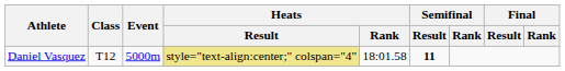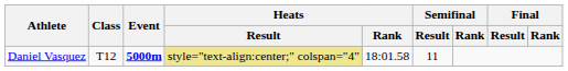 <table class=wikitable style="font-size:90%">
 <tr>
 <th rowspan="2">Athlete</th>
 <th rowspan="2">Class</th>
 <th rowspan="2">Event</th>
 <th colspan="2">Heats</th>
 <th colspan="2">Semifinal</th>
 <th colspan="2">Final</th>
 </tr>
 <tr>
 <th>Result</th>
 <th>Rank</th>
 <th>Result</th>
 <th>Rank</th>
 <th>Result</th>
 <th>Rank</th>
 </tr>
 <tr>
 <td><a href='#'>Daniel Vasquez</a></td>
 <td style="text-align:center;">T12</td>
-<td><a href='#'>5000m</a></td>
+<td><strong><a href='#'>5000m</a></strong></td>
 <td style="background: khaki;">style="text-align:center;" colspan="4" </td>
 <td style="text-align:center;">18:01.58</td>
-<td style="text-align:center;"><strong>11</strong></td>
+<td style="text-align:center;">11</td>
 </tr>
 </table>
